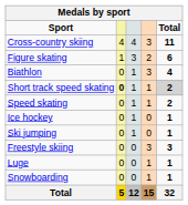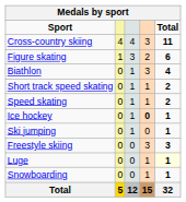 <table class="wikitable" style="font-size:85%; float:right;text-align:center">
 <tr style="background:#efefef;">
 <th colspan=5>Medals by sport</th>
 </tr>
 <tr>
 <td><strong>Sport</strong></td>
 <td bgcolor=F7F6A8></td>
 <td bgcolor=DCE5E5></td>
 <td bgcolor=FFDAB9></td>
 <td><strong>Total</strong></td>
 </tr>
 <tr>
 <td align=left><a href='#'>Cross-country skiing</a></td>
 <td bgcolor=F7F6A8>4</td>
 <td bgcolor=DCE5E5>4</td>
 <td bgcolor=FFDAB9>3</td>
 <td><strong>11</strong></td>
 </tr>
 <tr>
 <td align=left><a href='#'>Figure skating</a></td>
 <td bgcolor=F7F6A8>1</td>
 <td bgcolor=DCE5E5>3</td>
 <td bgcolor=FFDAB9>2</td>
 <td><strong>6</strong></td>
 </tr>
 <tr>
 <td align=left><a href='#'>Biathlon</a></td>
 <td bgcolor=F7F6A8>0</td>
 <td bgcolor=DCE5E5>1</td>
 <td bgcolor=FFDAB9>3</td>
 <td><strong>4</strong></td>
 </tr>
 <tr>
 <td align=left><a href='#'>Short track speed skating</a></td>
-<td bgcolor=F7F6A8><strong>0</strong></td>
+<td bgcolor=F7F6A8>0</td>
 <td bgcolor=DCE5E5>1</td>
 <td bgcolor=FFDAB9>1</td>
-<td style="background: lightgrey;"><strong>2</strong></td>
+<td><strong>2</strong></td>
 </tr>
 <tr>
 <td align=left><a href='#'>Speed skating</a></td>
 <td bgcolor=F7F6A8>0</td>
 <td bgcolor=DCE5E5>1</td>
 <td bgcolor=FFDAB9>1</td>
 <td><strong>2</strong></td>
 </tr>
 <tr>
 <td align=left><a href='#'>Ice hockey</a></td>
 <td bgcolor=F7F6A8>0</td>
 <td bgcolor=DCE5E5>1</td>
-<td bgcolor=FFDAB9>0</td>
+<td bgcolor=FFDAB9><strong>0</strong></td>
 <td><strong>1</strong></td>
 </tr>
 <tr>
 <td align=left><a href='#'>Ski jumping</a></td>
 <td bgcolor=F7F6A8>0</td>
 <td bgcolor=DCE5E5>1</td>
 <td bgcolor=FFDAB9>0</td>
 <td><strong>1</strong></td>
 </tr>
 <tr>
 <td align=left><a href='#'>Freestyle skiing</a></td>
 <td bgcolor=F7F6A8>0</td>
 <td bgcolor=DCE5E5>0</td>
 <td bgcolor=FFDAB9>3</td>
 <td><strong>3</strong></td>
 </tr>
 <tr>
 <td align=left><a href='#'>Luge</a></td>
 <td bgcolor=F7F6A8>0</td>
 <td bgcolor=DCE5E5>0</td>
 <td bgcolor=FFDAB9>1</td>
-<td><strong>1</strong></td>
+<td style="background: lightyellow;"><strong>1</strong></td>
 </tr>
 <tr>
 <td align=left><a href='#'>Snowboarding</a></td>
 <td bgcolor=F7F6A8>0</td>
 <td bgcolor=DCE5E5>0</td>
 <td bgcolor=FFDAB9>1</td>
 <td><strong>1</strong></td>
 </tr>
 <tr>
 <th>Total</th>
 <th style="background:gold;">5</th>
 <th style="background:silver;">12</th>
 <th style="background:#c96;">15</th>
 <th>32</th>
 </tr>
 </table>
